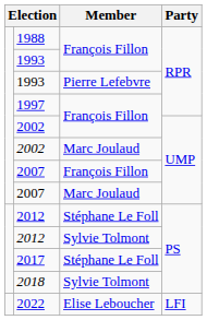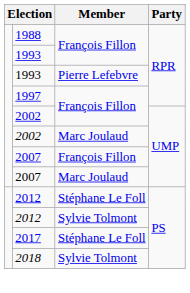 <table class="wikitable">
 <tr>
 <th colspan="2">Election</th>
 <th>Member</th>
 <th>Party</th>
 </tr>
 <tr>
 <td rowspan="8" style="background-color: "></td>
 <td><a href='#'>1988</a></td>
 <td rowspan="2"><a href='#'>François Fillon</a></td>
 <td rowspan="4"><a href='#'>RPR</a></td>
 </tr>
 <tr>
 <td><a href='#'>1993</a></td>
 </tr>
 <tr>
 <td>1993</td>
 <td><a href='#'>Pierre Lefebvre</a></td>
 </tr>
 <tr>
 <td><a href='#'>1997</a></td>
 <td rowspan="2"><a href='#'>François Fillon</a></td>
 </tr>
 <tr>
 <td><a href='#'>2002</a></td>
 <td rowspan="4"><a href='#'>UMP</a></td>
 </tr>
 <tr>
 <td><em>2002</em></td>
 <td><a href='#'>Marc Joulaud</a></td>
 </tr>
 <tr>
 <td><a href='#'>2007</a></td>
 <td><a href='#'>François Fillon</a></td>
 </tr>
 <tr>
 <td>2007</td>
 <td><a href='#'>Marc Joulaud</a></td>
 </tr>
 <tr>
 <td rowspan="4" style="background-color: "></td>
 <td><a href='#'>2012</a></td>
 <td><a href='#'>Stéphane Le Foll</a></td>
 <td rowspan="4"><a href='#'>PS</a></td>
 </tr>
 <tr>
 <td><em>2012</em></td>
 <td><a href='#'>Sylvie Tolmont</a></td>
 </tr>
 <tr>
 <td><a href='#'>2017</a></td>
 <td><a href='#'>Stéphane Le Foll</a></td>
 </tr>
 <tr>
 <td><em>2018</em></td>
 <td><a href='#'>Sylvie Tolmont</a></td>
 </tr>
-<tr>
-<td style="background-color: "></td>
-<td><a href='#'>2022</a></td>
-<td><a href='#'>Elise Leboucher</a></td>
-<td><a href='#'>LFI</a></td>
-</tr>
 </table>
